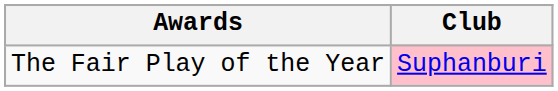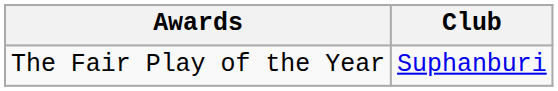 <table class="wikitable" style="font-size: 95%;">
 <tr>
 <th>Awards</th>
 <th>Club</th>
 </tr>
 <tr>
 <td>The Fair Play of the Year</td>
-<td style="background: pink;"><a href='#'>Suphanburi</a></td>
+<td><a href='#'>Suphanburi</a></td>
 </tr>
 </table>
